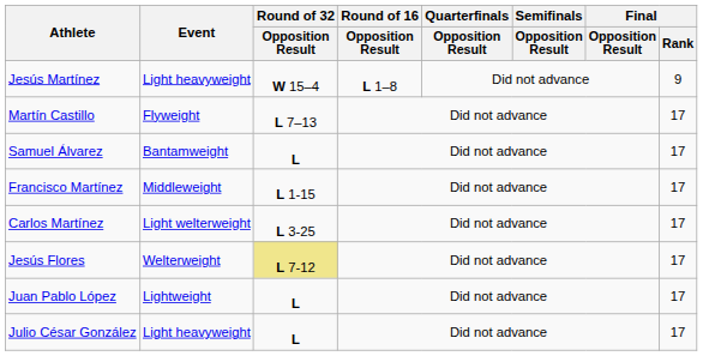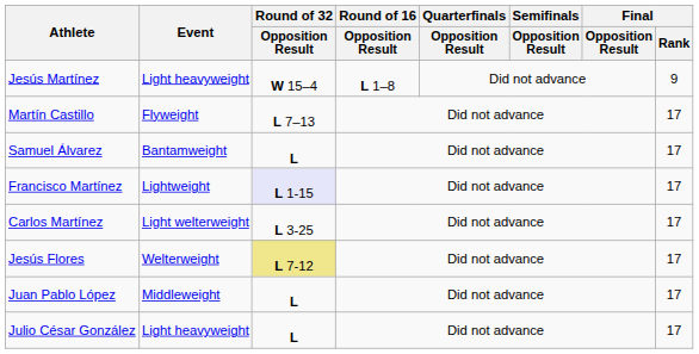 <table class="wikitable" style="font-size:90%">
 <tr>
 <th rowspan="2">Athlete</th>
 <th rowspan="2">Event</th>
 <th>Round of 32</th>
 <th>Round of 16</th>
 <th>Quarterfinals</th>
 <th>Semifinals</th>
 <th colspan=2>Final</th>
 </tr>
 <tr style="font-size:95%">
 <th>Opposition<br>Result</th>
 <th>Opposition<br>Result</th>
 <th>Opposition<br>Result</th>
 <th>Opposition<br>Result</th>
 <th>Opposition<br>Result</th>
 <th>Rank</th>
 </tr>
 <tr align=center>
 <td align=left><a href='#'>Jesús Martínez</a></td>
 <td align=left><a href='#'>Light heavyweight</a></td>
 <td><br><strong>W</strong> 15–4</td>
 <td><br><strong>L</strong> 1–8</td>
 <td colspan=3>Did not advance</td>
 <td>9</td>
 </tr>
 <tr align=center>
 <td align=left><a href='#'>Martín Castillo</a></td>
 <td align=left><a href='#'>Flyweight</a></td>
 <td><br><strong>L</strong> 7–13</td>
 <td colspan="4">Did not advance</td>
 <td>17</td>
 </tr>
 <tr align=center>
 <td align=left><a href='#'>Samuel Álvarez</a></td>
 <td align=left><a href='#'>Bantamweight</a></td>
 <td><br><strong>L</strong> </td>
 <td colspan="4">Did not advance</td>
 <td>17</td>
 </tr>
 <tr align=center>
 <td align=left><a href='#'>Francisco Martínez</a></td>
-<td align=left><a href='#'>Middleweight</a></td>
-<td><br><strong>L</strong> 1-15</td>
+<td align=left><a href='#'>Lightweight</a></td>
+<td style="background: lavender;"><br><strong>L</strong> 1-15</td>
 <td colspan="4">Did not advance</td>
 <td>17</td>
 </tr>
 <tr align=center>
 <td align=left><a href='#'>Carlos Martínez</a></td>
 <td align=left><a href='#'>Light welterweight</a></td>
 <td><br><strong>L</strong> 3-25</td>
 <td colspan="4">Did not advance</td>
 <td>17</td>
 </tr>
 <tr align=center>
 <td align=left><a href='#'>Jesús Flores</a></td>
 <td align=left><a href='#'>Welterweight</a></td>
 <td style="background: khaki;"><br><strong>L</strong> 7-12</td>
 <td colspan="4">Did not advance</td>
 <td>17</td>
 </tr>
 <tr align=center>
 <td align=left><a href='#'>Juan Pablo López</a></td>
-<td align=left><a href='#'>Lightweight</a></td>
+<td align=left><a href='#'>Middleweight</a></td>
 <td><br><strong>L</strong> </td>
 <td colspan="4">Did not advance</td>
 <td>17</td>
 </tr>
 <tr align=center>
 <td align=left><a href='#'>Julio César González</a></td>
 <td align=left><a href='#'>Light heavyweight</a></td>
 <td><br><strong>L</strong> </td>
 <td colspan="4">Did not advance</td>
 <td>17</td>
 </tr>
 </table>
